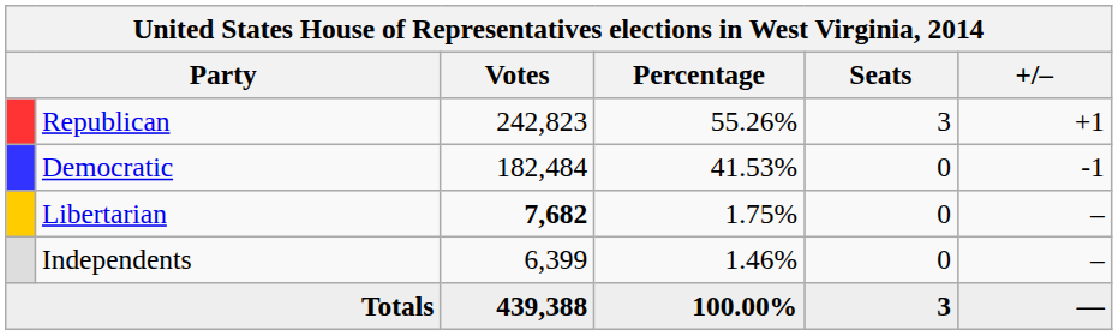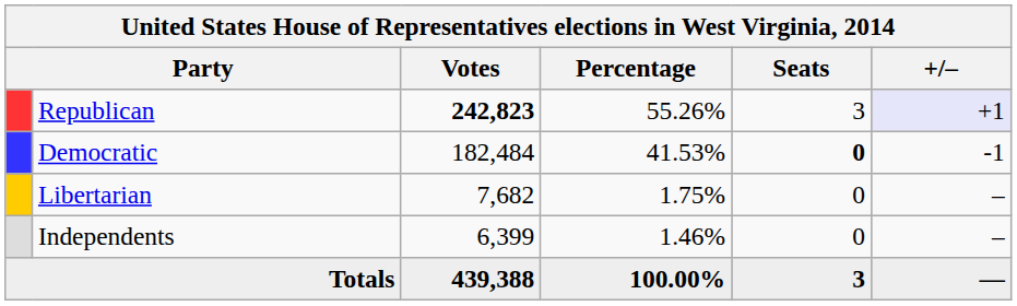 <table class="wikitable" style="font-size: 95%;">
 <tr>
 <th colspan="6">United States House of Representatives elections in West Virginia, 2014</th>
 </tr>
 <tr>
 <th colspan=2 style="width: 15em">Party</th>
 <th style="width: 5em">Votes</th>
 <th style="width: 7em">Percentage</th>
 <th style="width: 5em">Seats</th>
 <th style="width: 5em">+/–</th>
 </tr>
 <tr>
 <th style="background:#f33; width:3px;"></th>
 <td style="width: 130px"><a href='#'>Republican</a></td>
-<td style="text-align:right;">242,823</td>
+<td style="text-align:right;"><strong>242,823</strong></td>
 <td style="text-align:right;">55.26%</td>
 <td style="text-align:right;">3</td>
-<td style="text-align:right;">+1</td>
+<td style="background: lavender; text-align:right;">+1</td>
 </tr>
 <tr>
 <th style="background:#33f; width:3px;"></th>
 <td style="width: 130px"><a href='#'>Democratic</a></td>
 <td style="text-align:right;">182,484</td>
 <td style="text-align:right;">41.53%</td>
-<td style="text-align:right;">0</td>
+<td style="text-align:right;"><strong>0</strong></td>
 <td style="text-align:right;">-1</td>
 </tr>
 <tr>
 <th style="background:#fc0; width:3px;"></th>
 <td style="width: 130px"><a href='#'>Libertarian</a></td>
-<td style="text-align:right;"><strong>7,682</strong></td>
+<td style="text-align:right;">7,682</td>
 <td style="text-align:right;">1.75%</td>
 <td style="text-align:right;">0</td>
 <td style="text-align:right;">–</td>
 </tr>
 <tr>
 <th style="background:#ddd; width:3px;"></th>
 <td style="width: 130px">Independents</td>
 <td style="text-align:right;">6,399</td>
 <td style="text-align:right;">1.46%</td>
 <td style="text-align:right;">0</td>
 <td style="text-align:right;">–</td>
 </tr>
 <tr style="background:#eee; text-align:right;">
 <td colspan="2"><strong>Totals</strong></td>
 <td><strong>439,388</strong></td>
 <td><strong>100.00%</strong></td>
 <td><strong>3</strong></td>
 <td><strong>—</strong></td>
 </tr>
 </table>
